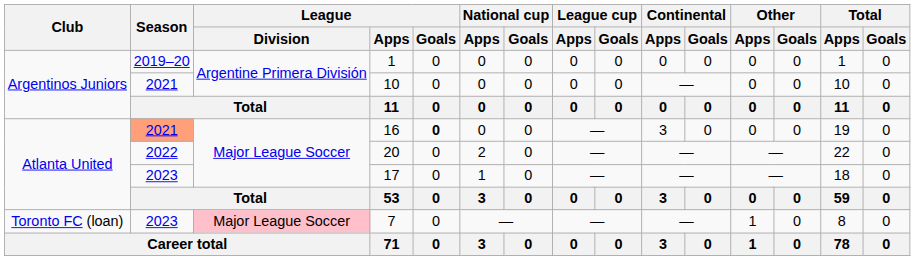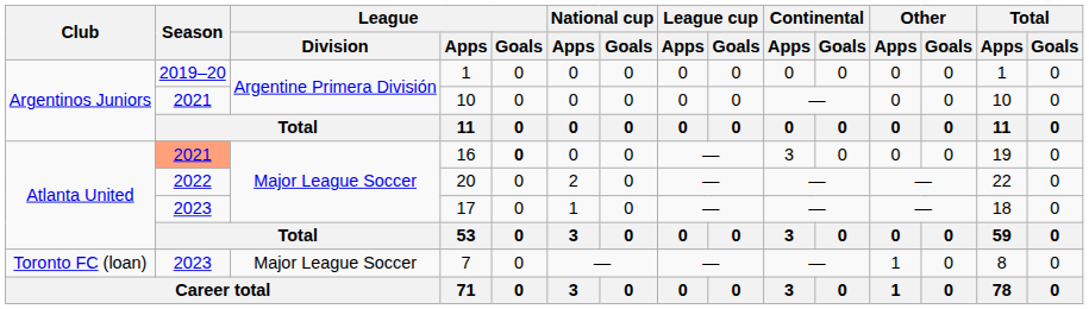 <table class="wikitable" style="text-align:center">
 <tr>
 <th rowspan="2">Club</th>
 <th rowspan="2">Season</th>
 <th colspan="3">League</th>
 <th colspan="2">National cup</th>
 <th colspan="2">League cup</th>
 <th colspan="2">Continental</th>
 <th colspan="2">Other</th>
 <th colspan="2">Total</th>
 </tr>
 <tr>
 <th>Division</th>
 <th>Apps</th>
 <th>Goals</th>
 <th>Apps</th>
 <th>Goals</th>
 <th>Apps</th>
 <th>Goals</th>
 <th>Apps</th>
 <th>Goals</th>
 <th>Apps</th>
 <th>Goals</th>
 <th>Apps</th>
 <th>Goals</th>
 </tr>
 <tr>
 <td rowspan="3"><a href='#'>Argentinos Juniors</a></td>
 <td><a href='#'>2019–20</a></td>
 <td rowspan="2"><a href='#'>Argentine Primera División</a></td>
 <td>1</td>
 <td>0</td>
 <td>0</td>
 <td>0</td>
 <td>0</td>
 <td>0</td>
 <td>0</td>
 <td>0</td>
 <td>0</td>
 <td>0</td>
 <td>1</td>
 <td>0</td>
 </tr>
 <tr>
 <td><a href='#'>2021</a></td>
 <td>10</td>
 <td>0</td>
 <td>0</td>
 <td>0</td>
 <td>0</td>
 <td>0</td>
 <td colspan="2">—</td>
 <td>0</td>
 <td>0</td>
 <td>10</td>
 <td>0</td>
 </tr>
 <tr>
 <th colspan="2">Total</th>
 <th>11</th>
 <th>0</th>
 <th>0</th>
 <th>0</th>
 <th>0</th>
 <th>0</th>
 <th>0</th>
 <th>0</th>
 <th>0</th>
 <th>0</th>
 <th>11</th>
 <th>0</th>
 </tr>
 <tr>
 <td rowspan="4"><a href='#'>Atlanta United</a></td>
 <td style="background: lightsalmon;"><a href='#'>2021</a></td>
 <td rowspan="3"><a href='#'>Major League Soccer</a></td>
 <td>16</td>
 <td><strong>0</strong></td>
 <td>0</td>
 <td>0</td>
 <td colspan="2">—</td>
 <td>3</td>
 <td>0</td>
 <td>0</td>
 <td>0</td>
 <td>19</td>
 <td>0</td>
 </tr>
 <tr>
 <td><a href='#'>2022</a></td>
 <td>20</td>
 <td>0</td>
 <td>2</td>
 <td>0</td>
 <td colspan="2">—</td>
 <td colspan="2">—</td>
 <td colspan="2">—</td>
 <td>22</td>
 <td>0</td>
 </tr>
 <tr>
 <td><a href='#'>2023</a></td>
 <td>17</td>
 <td>0</td>
 <td>1</td>
 <td>0</td>
 <td colspan="2">—</td>
 <td colspan="2">—</td>
 <td colspan="2">—</td>
 <td>18</td>
 <td>0</td>
 </tr>
 <tr>
 <th colspan="2">Total</th>
 <th>53</th>
 <th>0</th>
 <th>3</th>
 <th>0</th>
 <th>0</th>
 <th>0</th>
 <th>3</th>
 <th>0</th>
 <th>0</th>
 <th>0</th>
 <th>59</th>
 <th>0</th>
 </tr>
 <tr>
 <td><a href='#'>Toronto FC</a> (loan)</td>
 <td><a href='#'>2023</a></td>
-<td style="background: pink;">Major League Soccer</td>
+<td>Major League Soccer</td>
 <td>7</td>
 <td>0</td>
 <td colspan="2">—</td>
 <td colspan="2">—</td>
 <td colspan="2">—</td>
 <td>1</td>
 <td>0</td>
 <td>8</td>
 <td>0</td>
 </tr>
 <tr>
 <th colspan="3">Career total</th>
 <th>71</th>
 <th>0</th>
 <th>3</th>
 <th>0</th>
 <th>0</th>
 <th>0</th>
 <th>3</th>
 <th>0</th>
 <th>1</th>
 <th>0</th>
 <th>78</th>
 <th>0</th>
 </tr>
 </table>
